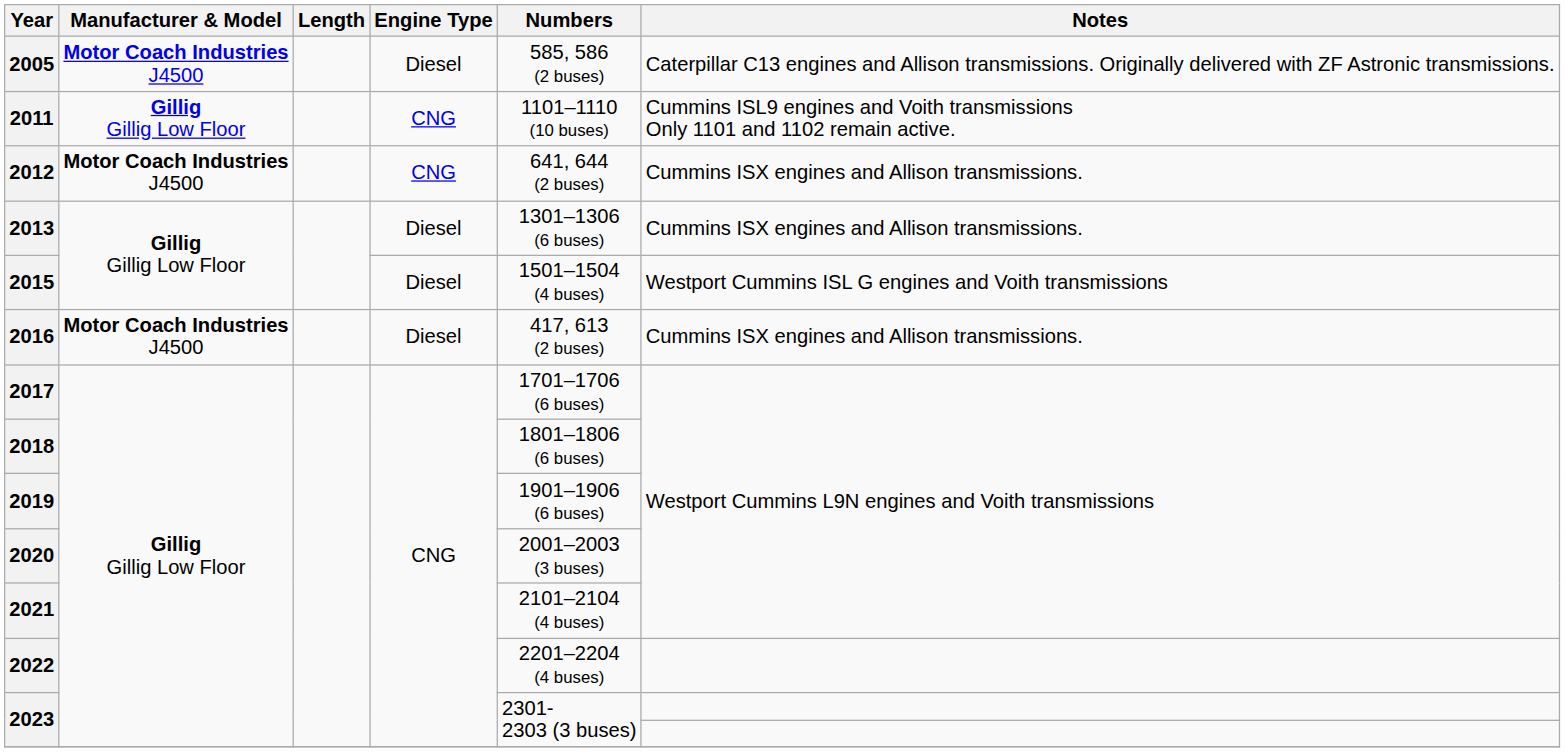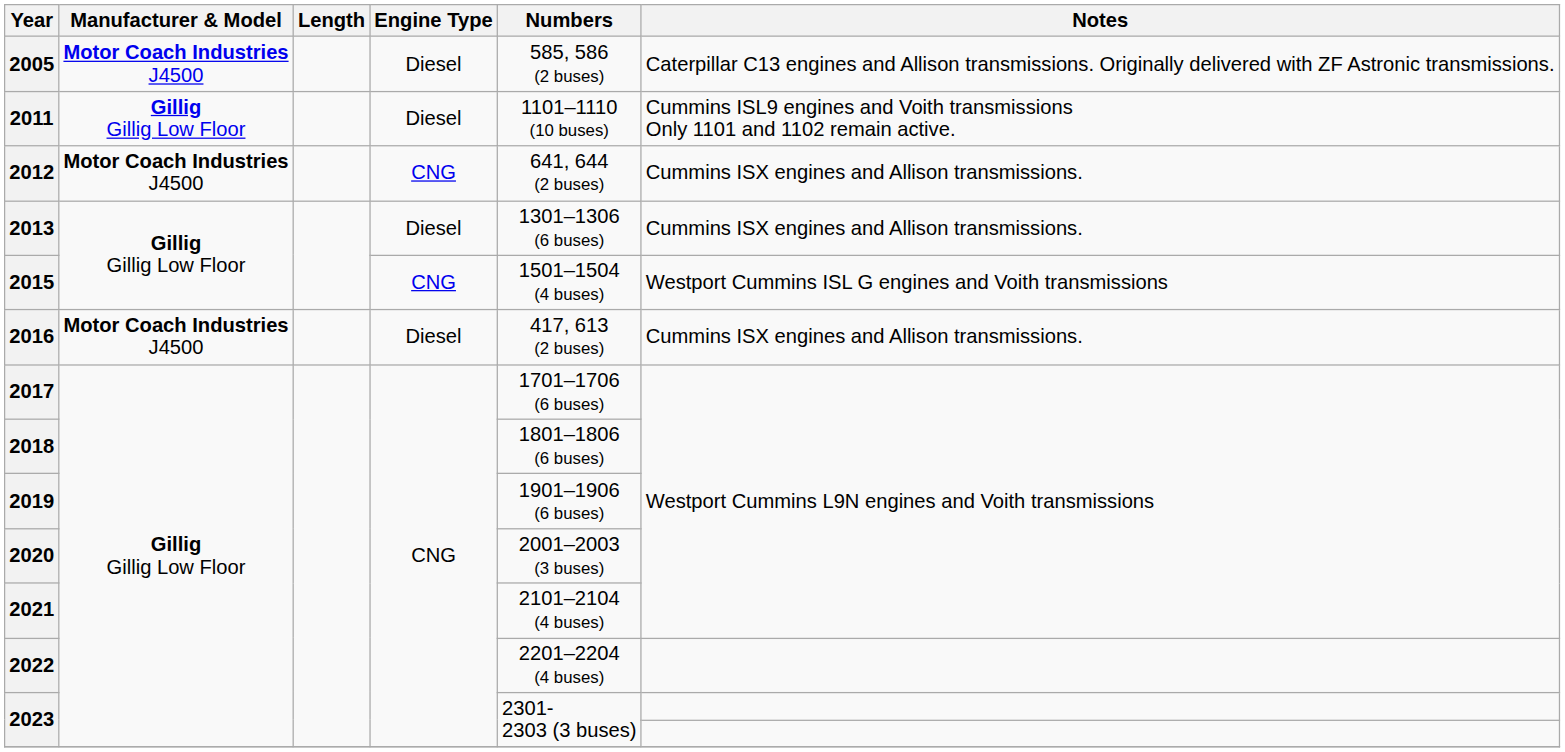 <table class="wikitable" |>
 <tr>
 <th>Year</th>
 <th>Manufacturer & Model</th>
 <th>Length</th>
 <th>Engine Type</th>
 <th>Numbers</th>
 <th>Notes</th>
 </tr>
 <tr>
 <th>2005</th>
 <td align=center><strong><a href='#'>Motor Coach Industries</a></strong> <br><a href='#'>J4500</a></td>
 <td align=center></td>
 <td align=center>Diesel</td>
 <td align=center>585, 586<br><small>(2 buses)</small></td>
 <td>Caterpillar C13 engines and Allison transmissions. Originally delivered with ZF Astronic transmissions.</td>
 </tr>
 <tr>
 <th>2011</th>
 <td align="center"><strong><a href='#'>Gillig</a></strong> <br><a href='#'>Gillig Low Floor</a></td>
 <td align="center"></td>
-<td align=center><a href='#'>CNG</a></td>
+<td align=center>Diesel</td>
 <td align=center>1101–1110<br><small>(10 buses)</small></td>
 <td>Cummins ISL9 engines and Voith transmissions<br>Only 1101 and 1102 remain active.</td>
 </tr>
 <tr>
 <th>2012</th>
 <td align=center><strong>Motor Coach Industries</strong> <br>J4500</td>
 <td align=center></td>
 <td align=center><a href='#'>CNG</a></td>
 <td align=center>641, 644<br><small>(2 buses)</small></td>
 <td>Cummins ISX engines and Allison transmissions.</td>
 </tr>
 <tr>
 <th>2013</th>
 <td rowspan="2" align=center><strong>Gillig</strong> <br>Gillig Low Floor</td>
 <td rowspan="2" align=center></td>
 <td align=center>Diesel</td>
 <td align=center>1301–1306<br><small>(6 buses)</small></td>
 <td>Cummins ISX engines and Allison transmissions.</td>
 </tr>
 <tr>
 <th>2015</th>
-<td align=center>Diesel</td>
+<td align=center><a href='#'>CNG</a></td>
 <td align=center>1501–1504<br><small>(4 buses)</small></td>
 <td>Westport Cummins ISL G engines and Voith transmissions</td>
 </tr>
 <tr>
 <th>2016</th>
 <td align=center><strong>Motor Coach Industries</strong> <br>J4500</td>
 <td align=center></td>
 <td align=center>Diesel</td>
 <td align=center>417, 613<br><small>(2 buses)</small></td>
 <td>Cummins ISX engines and Allison transmissions.</td>
 </tr>
 <tr>
 <th>2017</th>
 <td rowspan="8" align="center"><strong>Gillig</strong> <br>Gillig Low Floor</td>
 <td rowspan="8" align="center"></td>
 <td rowspan="8" align="center">CNG</td>
 <td align=center>1701–1706<br><small>(6 buses)</small></td>
 <td rowspan="5">Westport Cummins L9N engines and Voith transmissions</td>
 </tr>
 <tr>
 <th>2018</th>
 <td align=center>1801–1806<br><small>(6 buses)</small></td>
 </tr>
 <tr>
 <th>2019</th>
 <td align=center>1901–1906<br><small>(6 buses)</small></td>
 </tr>
 <tr>
 <th>2020</th>
 <td align=center>2001–2003<br><small>(3 buses)</small></td>
 </tr>
 <tr>
 <th>2021</th>
 <td align=center>2101–2104<br><small>(4 buses)</small></td>
 </tr>
 <tr>
 <th>2022</th>
 <td align="center">2201–2204<br><small>(4 buses)</small></td>
 <td></td>
 </tr>
 <tr>
 <th rowspan="2">2<strong>023</strong></th>
 <td rowspan="2">2301-<br>2303  (3 buses)</td>
 <td></td>
 </tr>
 <tr>
 <td></td>
 </tr>
 <tr>
 </tr>
 </table>
